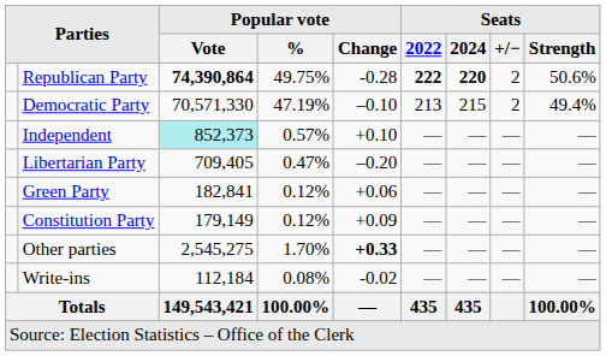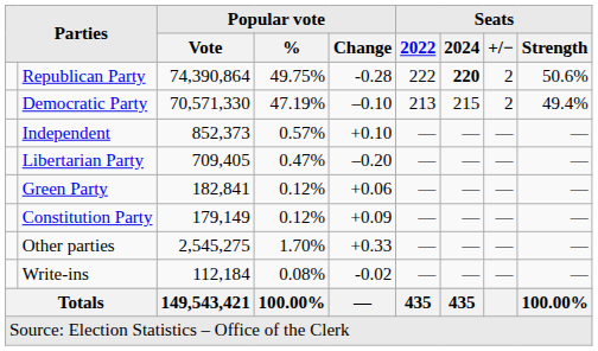 <table class=wikitable>
 <tr>
 <th style="background:#e9e9e9; text-align:center" rowspan="2" colspan="2">Parties</th>
 <th style="background:#e9e9e9; text-align:center" colspan="3">Popular vote</th>
 <th style="background:#e9e9e9; text-align:center" colspan="4">Seats</th>
 </tr>
 <tr style="background:#e9e9e9">
 <th>Vote</th>
 <th>%</th>
 <th>Change</th>
 <th><a href='#'>2022</a></th>
 <th>2024</th>
 <th>+/−</th>
 <th>Strength</th>
 </tr>
 <tr>
 <td style="background-color:"> </td>
 <td><a href='#'>Republican Party</a></td>
-<td align=right><strong>74,390,864</strong></td>
+<td align=right>74,390,864</td>
 <td align=right>49.75%</td>
 <td align=right>-0.28</td>
-<td align=right><strong>222</strong></td>
+<td align=right>222</td>
 <td align=right><strong>220</strong></td>
 <td align=right> 2</td>
 <td align=right>50.6%</td>
 </tr>
 <tr>
 <td style="background-color:"> </td>
 <td><a href='#'>Democratic Party</a></td>
 <td align=right>70,571,330</td>
 <td align=right>47.19%</td>
 <td align=right>–0.10</td>
 <td align=right>213</td>
 <td align=right>215</td>
 <td align=right> 2</td>
 <td align=right>49.4%</td>
 </tr>
 <tr>
 <td style="background-color:"> </td>
 <td><a href='#'>Independent</a></td>
-<td align=right style="background: paleturquoise;">852,373</td>
+<td align=right>852,373</td>
 <td align=right>0.57%</td>
 <td align=right>+0.10</td>
 <td align=right>—</td>
 <td align=right>—</td>
 <td align=right>—</td>
 <td align=right>—</td>
 </tr>
 <tr>
 <td style="background-color:"> </td>
 <td><a href='#'>Libertarian Party</a></td>
 <td align=right>709,405</td>
 <td align=right>0.47%</td>
 <td align=right>–0.20</td>
 <td align=right>—</td>
 <td align=right>—</td>
 <td align=right>—</td>
 <td align=right>—</td>
 </tr>
 <tr>
 <td style="background-color:"> </td>
 <td><a href='#'>Green Party</a></td>
 <td align=right>182,841</td>
 <td align=right>0.12%</td>
 <td align=right>+0.06</td>
 <td align=right>—</td>
 <td align=right>—</td>
 <td align=right>—</td>
 <td align=right>—</td>
 </tr>
 <tr>
 <td style="background-color:"> </td>
 <td><a href='#'>Constitution Party</a></td>
 <td align=right>179,149</td>
 <td align=right>0.12%</td>
 <td align=right>+0.09</td>
 <td align=right>—</td>
 <td align=right>—</td>
 <td align=right>—</td>
 <td align=right>—</td>
 </tr>
 <tr>
 <td style="background-color:"> </td>
 <td>Other parties</td>
 <td align="right">2,545,275</td>
 <td align="right">1.70%</td>
-<td align="right"><strong>+0.33</strong></td>
+<td align="right">+0.33</td>
 <td align="right">—</td>
 <td align="right">—</td>
 <td align="right">—</td>
 <td align="right">—</td>
 </tr>
 <tr>
 <td style="background-color:"> </td>
 <td>Write-ins</td>
 <td align="right">112,184</td>
 <td align="right">0.08%</td>
 <td align="right">-0.02</td>
 <td align="right">—</td>
 <td align="right">—</td>
 <td align="right">—</td>
 <td align="right">—</td>
 </tr>
 <tr style="background:#ccc">
 <th colspan=2>Totals</th>
 <th>149,543,421</th>
 <th>100.00%</th>
 <th>—</th>
 <th>435</th>
 <th>435</th>
 <th></th>
 <th>100.00%</th>
 </tr>
 <tr bgcolor=E9E9E9>
 <td align="left" colspan=9>Source:  Election Statistics – Office of the Clerk</td>
 </tr>
 </table>
